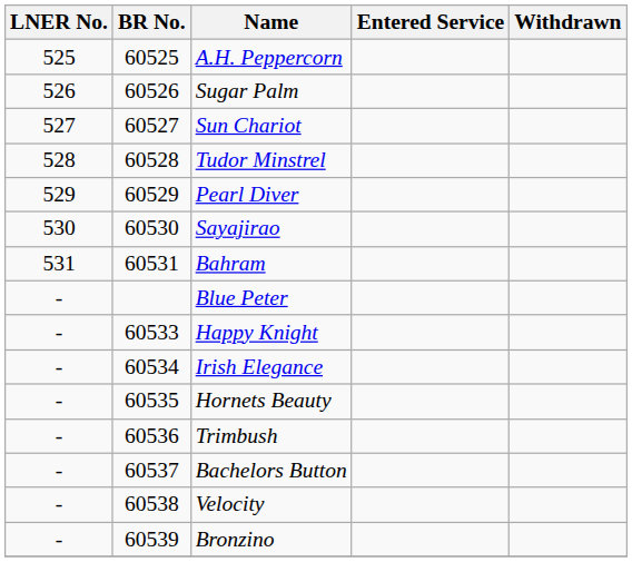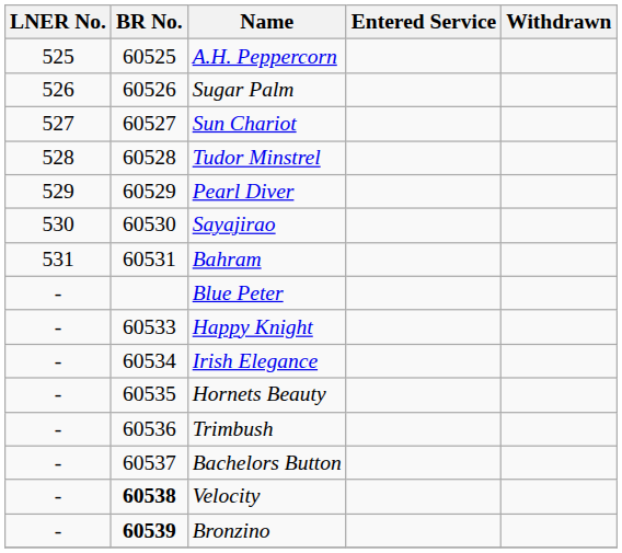 <table class="wikitable sortable" style=text-align:center>
 <tr>
 <th>LNER No.</th>
 <th>BR No.</th>
 <th>Name</th>
 <th>Entered Service</th>
 <th>Withdrawn</th>
 </tr>
 <tr>
 <td>525</td>
 <td>60525</td>
 <td align=left><em><a href='#'>A.H. Peppercorn</a></em></td>
 <td align=right></td>
 <td align=right></td>
 </tr>
 <tr>
 <td>526</td>
 <td>60526</td>
 <td align=left><em>Sugar Palm</em></td>
 <td align=right></td>
 <td align=right></td>
 </tr>
 <tr>
 <td>527</td>
 <td>60527</td>
 <td align=left><em><a href='#'>Sun Chariot</a></em></td>
 <td align=right></td>
 <td align=right></td>
 </tr>
 <tr>
 <td>528</td>
 <td>60528</td>
 <td align=left><em><a href='#'>Tudor Minstrel</a></em></td>
 <td align=right></td>
 <td align=right></td>
 </tr>
 <tr>
 <td>529</td>
 <td>60529</td>
 <td align=left><em><a href='#'>Pearl Diver</a></em></td>
 <td align=right></td>
 <td align=right></td>
 </tr>
 <tr>
 <td>530</td>
 <td>60530</td>
 <td align=left><em><a href='#'>Sayajirao</a></em></td>
 <td align=right></td>
 <td align=right></td>
 </tr>
 <tr>
 <td>531</td>
 <td>60531</td>
 <td align=left><em><a href='#'>Bahram</a></em></td>
 <td align=right></td>
 <td align=right></td>
 </tr>
 <tr>
 <td>-</td>
 <td></td>
 <td align=left><em><a href='#'>Blue Peter</a></em></td>
 <td align=right></td>
 <td align=right></td>
 </tr>
 <tr>
 <td>-</td>
 <td>60533</td>
 <td align=left><em><a href='#'>Happy Knight</a></em></td>
 <td align=right></td>
 <td align=right></td>
 </tr>
 <tr>
 <td>-</td>
 <td>60534</td>
 <td align=left><em><a href='#'>Irish Elegance</a></em></td>
 <td align=right></td>
 <td align=right></td>
 </tr>
 <tr>
 <td>-</td>
 <td>60535</td>
 <td align=left><em>Hornets Beauty</em></td>
 <td align=right></td>
 <td align=right></td>
 </tr>
 <tr>
 <td>-</td>
 <td>60536</td>
 <td align=left><em>Trimbush</em></td>
 <td align=right></td>
 <td align=right></td>
 </tr>
 <tr>
 <td>-</td>
 <td>60537</td>
 <td align=left><em>Bachelors Button</em></td>
 <td align=right></td>
 <td align=right></td>
 </tr>
 <tr>
 <td>-</td>
-<td>60538</td>
+<td><strong>60538</strong></td>
 <td align=left><em>Velocity</em></td>
 <td align=right></td>
 <td align=right></td>
 </tr>
 <tr>
 <td>-</td>
-<td>60539</td>
+<td><strong>60539</strong></td>
 <td align=left><em>Bronzino</em></td>
 <td align=right></td>
 <td align=right></td>
 </tr>
 <tr>
 </tr>
 </table>
